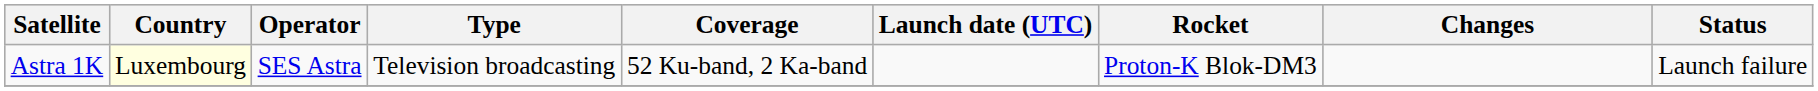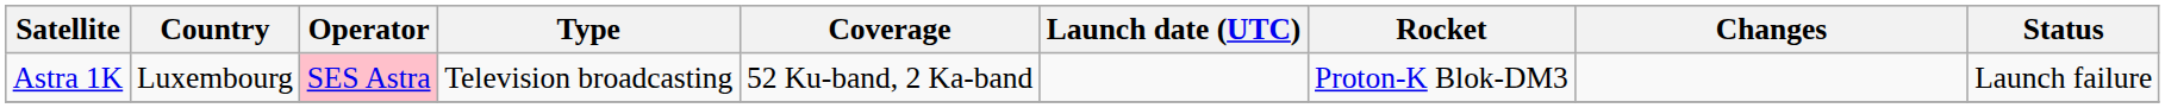 <table class="wikitable sortable" border="1"}>
 <tr>
 <th>Satellite</th>
 <th>Country</th>
 <th>Operator</th>
 <th>Type</th>
 <th>Coverage </th>
 <th>Launch date (<a href='#'>UTC</a>) </th>
 <th>Rocket</th>
 <th width="200pt">Changes</th>
 <th>Status </th>
 </tr>
 <tr>
 <td><a href='#'>Astra 1K</a></td>
-<td style="background: lightyellow;">Luxembourg</td>
-<td><a href='#'>SES Astra</a></td>
+<td>Luxembourg</td>
+<td style="background: pink;"><a href='#'>SES Astra</a></td>
 <td>Television broadcasting</td>
 <td>52 Ku-band, 2 Ka-band</td>
 <td></td>
 <td><a href='#'>Proton-K</a> Blok-DM3</td>
 <td></td>
 <td>Launch failure</td>
 </tr>
 <tr>
 </tr>
 </table>
